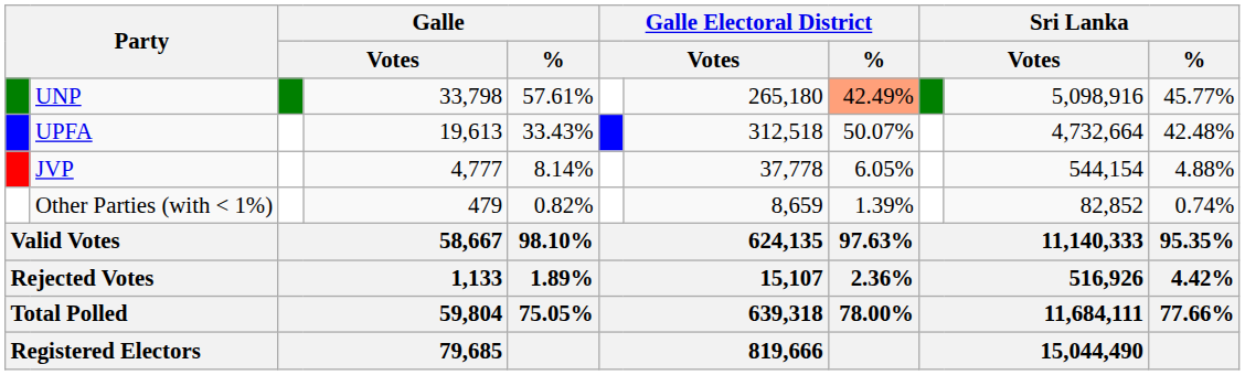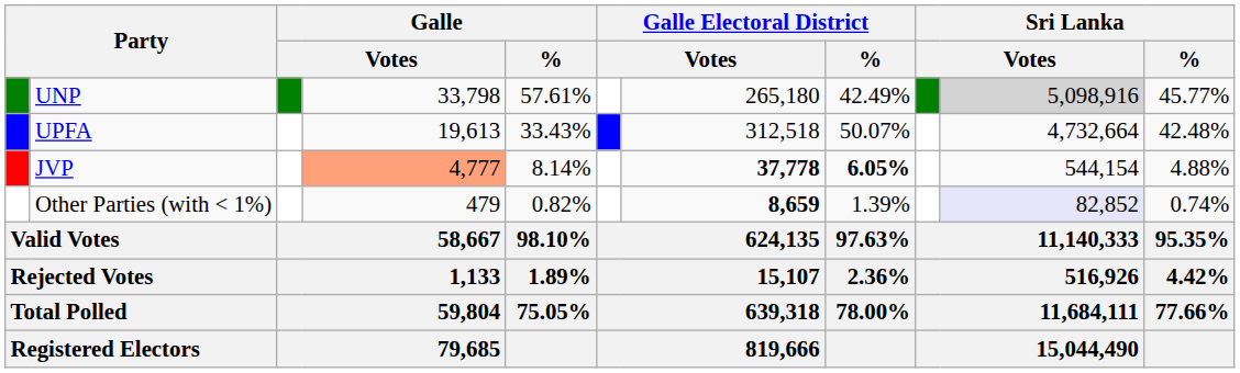 <table class="wikitable">
 <tr>
 <th colspan="2" width="144px"rowspan="2">Party</th>
 <th colspan="3" width="216px">Galle</th>
 <th colspan="3" width="216px"><a href='#'>Galle Electoral District</a></th>
 <th colspan="3" width="216px">Sri Lanka</th>
 </tr>
 <tr>
 <th colspan="2" width="144px">Votes</th>
 <th>%</th>
 <th colspan="2" width="144px">Votes</th>
 <th>%</th>
 <th colspan="2" width="144px">Votes</th>
 <th>%</th>
 </tr>
 <tr>
 <td style="background-color:green;" width="10px"></td>
 <td style="text-align:left;"><a href='#'>UNP</a></td>
 <td style="background-color:green;" width="10px"></td>
 <td style="text-align:right;">33,798</td>
 <td style="text-align:right;">57.61%</td>
 <td style="background-color:white;" width="10px"></td>
 <td style="text-align:right;">265,180</td>
-<td style="background: lightsalmon; text-align:right;">42.49%</td>
+<td style="text-align:right;">42.49%</td>
 <td style="background-color:green;" width="10px"></td>
-<td style="text-align:right;">5,098,916</td>
+<td style="background: lightgrey; text-align:right;">5,098,916</td>
 <td style="text-align:right;">45.77%</td>
 </tr>
 <tr>
 <td style="background-color:blue;" width="10px"></td>
 <td style="text-align:left;"><a href='#'>UPFA</a></td>
 <td style="background-color:white;" width="10px"></td>
 <td style="text-align:right;">19,613</td>
 <td style="text-align:right;">33.43%</td>
 <td style="background-color:blue;" width="10px"></td>
 <td style="text-align:right;">312,518</td>
 <td style="text-align:right;">50.07%</td>
 <td style="background-color:white;" width="10px"></td>
 <td style="text-align:right;">4,732,664</td>
 <td style="text-align:right;">42.48%</td>
 </tr>
 <tr>
 <td style="background-color:red;" width="10px"></td>
 <td style="text-align:left;"><a href='#'>JVP</a></td>
 <td style="background-color:white;" width="10px"></td>
-<td style="text-align:right;">4,777</td>
+<td style="background: lightsalmon; text-align:right;">4,777</td>
 <td style="text-align:right;">8.14%</td>
 <td style="background-color:white;" width="10px"></td>
-<td style="text-align:right;">37,778</td>
-<td style="text-align:right;">6.05%</td>
+<td style="text-align:right;"><strong>37,778</strong></td>
+<td style="text-align:right;"><strong>6.05%</strong></td>
 <td style="background-color:white;" width="10px"></td>
 <td style="text-align:right;">544,154</td>
 <td style="text-align:right;">4.88%</td>
 </tr>
 <tr>
 <td style="background-color:white;" width="10px"></td>
 <td style="text-align:left;">Other Parties (with < 1%)</td>
 <td style="background-color:white;" width="10px"></td>
 <td style="text-align:right;">479</td>
 <td style="text-align:right;">0.82%</td>
 <td style="background-color:white;" width="10px"></td>
-<td style="text-align:right;">8,659</td>
+<td style="text-align:right;"><strong>8,659</strong></td>
 <td style="text-align:right;">1.39%</td>
 <td style="background-color:white;" width="10px"></td>
-<td style="text-align:right;">82,852</td>
+<td style="background: lavender; text-align:right;">82,852</td>
 <td style="text-align:right;">0.74%</td>
 </tr>
 <tr>
 <th colspan="2" width="144px"style="text-align:left;">Valid Votes</th>
 <th style="text-align:right;"colspan="2" width="144px">58,667</th>
 <th style="text-align:right;">98.10%</th>
 <th style="text-align:right;"colspan="2" width="144px">624,135</th>
 <th style="text-align:right;">97.63%</th>
 <th style="text-align:right;"colspan="2" width="144px">11,140,333</th>
 <th style="text-align:right;">95.35%</th>
 </tr>
 <tr>
 <th colspan="2" width="144px"style="text-align:left;">Rejected Votes</th>
 <th style="text-align:right;"colspan="2" width="144px">1,133</th>
 <th style="text-align:right;">1.89%</th>
 <th style="text-align:right;"colspan="2" width="144px">15,107</th>
 <th style="text-align:right;">2.36%</th>
 <th style="text-align:right;"colspan="2" width="144px">516,926</th>
 <th style="text-align:right;">4.42%</th>
 </tr>
 <tr>
 <th colspan="2" width="144px"style="text-align:left;">Total Polled</th>
 <th style="text-align:right;"colspan="2" width="144px">59,804</th>
 <th style="text-align:right;">75.05%</th>
 <th style="text-align:right;"colspan="2" width="144px">639,318</th>
 <th style="text-align:right;">78.00%</th>
 <th style="text-align:right;"colspan="2" width="144px">11,684,111</th>
 <th style="text-align:right;">77.66%</th>
 </tr>
 <tr>
 <th colspan="2" width="144px"style="text-align:left;">Registered Electors</th>
 <th style="text-align:right;"colspan="2" width="144px">79,685</th>
 <th></th>
 <th style="text-align:right;"colspan="2" width="144px">819,666</th>
 <th></th>
 <th style="text-align:right;"colspan="2" width="144px">15,044,490</th>
 <th></th>
 </tr>
 </table>
